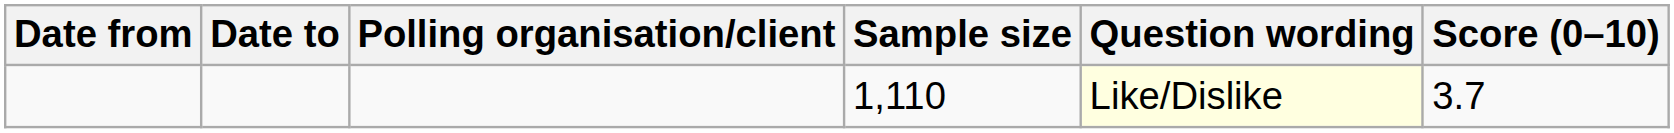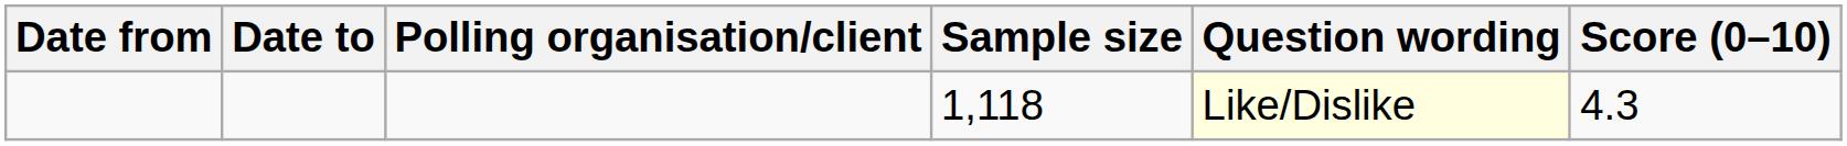 <table class="wikitable sortable">
 <tr>
 <th>Date from</th>
 <th>Date to</th>
 <th>Polling organisation/client</th>
 <th>Sample size</th>
 <th>Question wording</th>
 <th>Score (0–10)</th>
 </tr>
 <tr>
 <td></td>
 <td></td>
 <td></td>
-<td>1,110</td>
+<td>1,118</td>
 <td style="background: lightyellow;">Like/Dislike</td>
-<td>3.7</td>
+<td>4.3</td>
 </tr>
 </table>
